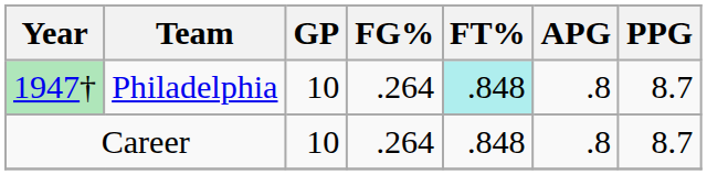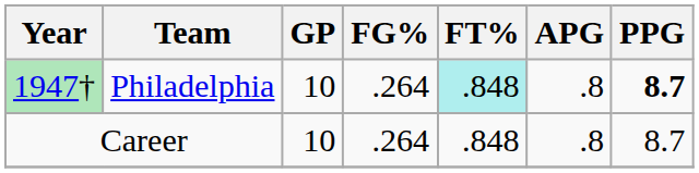 <table class="wikitable sortable" style="font-size:95%; text-align:right;">
 <tr>
 <th>Year</th>
 <th>Team</th>
 <th>GP</th>
 <th>FG%</th>
 <th>FT%</th>
 <th>APG</th>
 <th>PPG</th>
 </tr>
 <tr>
 <td style="text-align:left;background:#afe6ba;"><a href='#'>1947</a>†</td>
 <td style="text-align:left;"><a href='#'>Philadelphia</a></td>
 <td>10</td>
 <td>.264</td>
 <td style="background: paleturquoise;">.848</td>
 <td>.8</td>
-<td>8.7</td>
+<td><strong>8.7</strong></td>
 </tr>
 <tr>
 <td style="text-align:center;" colspan="2">Career</td>
 <td>10</td>
 <td>.264</td>
 <td>.848</td>
 <td>.8</td>
 <td>8.7</td>
 </tr>
 <tr>
 </tr>
 </table>
